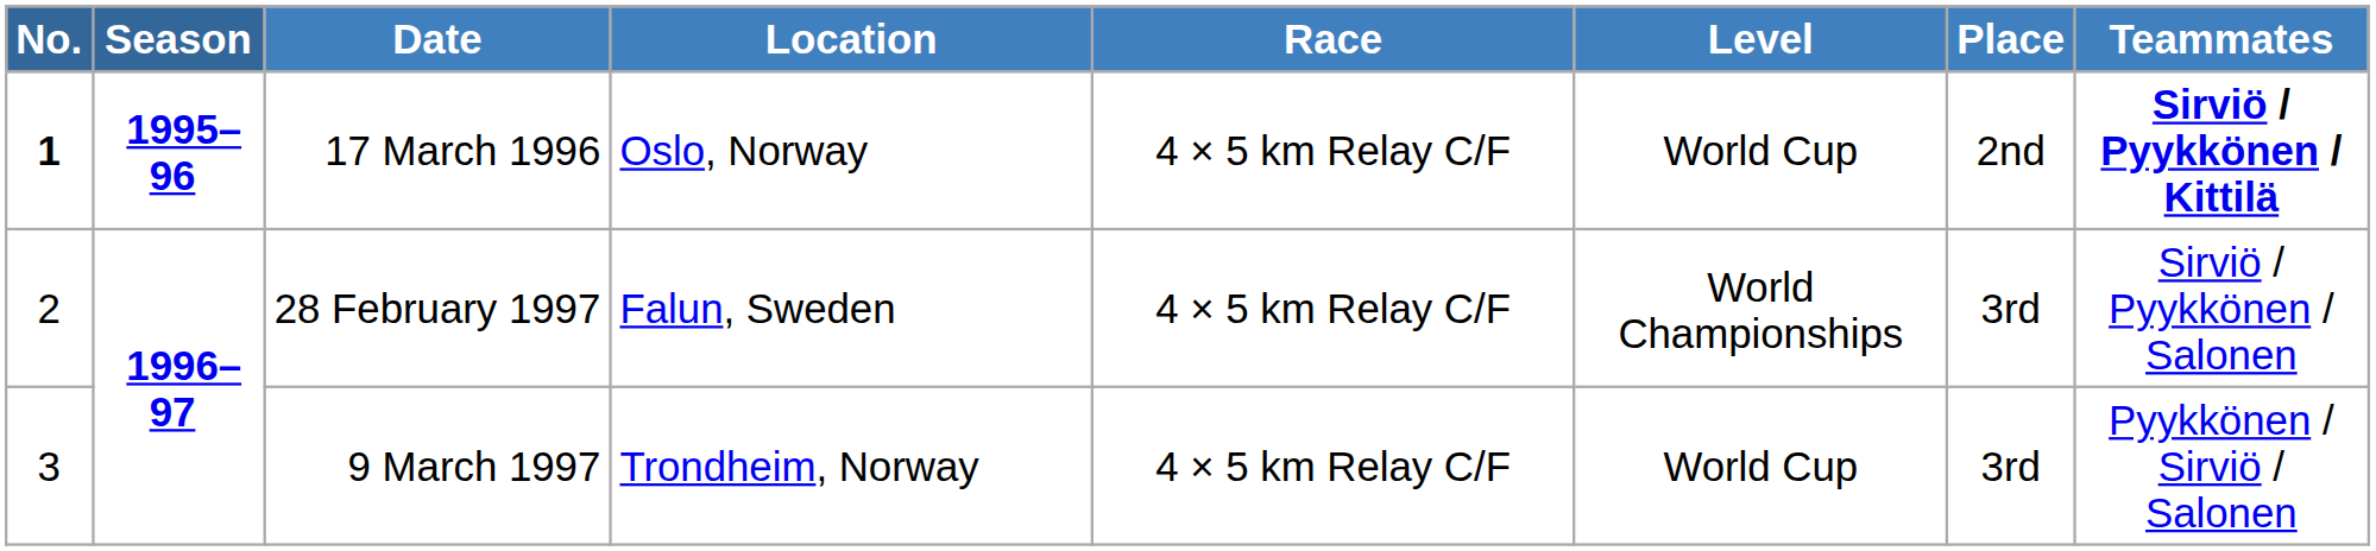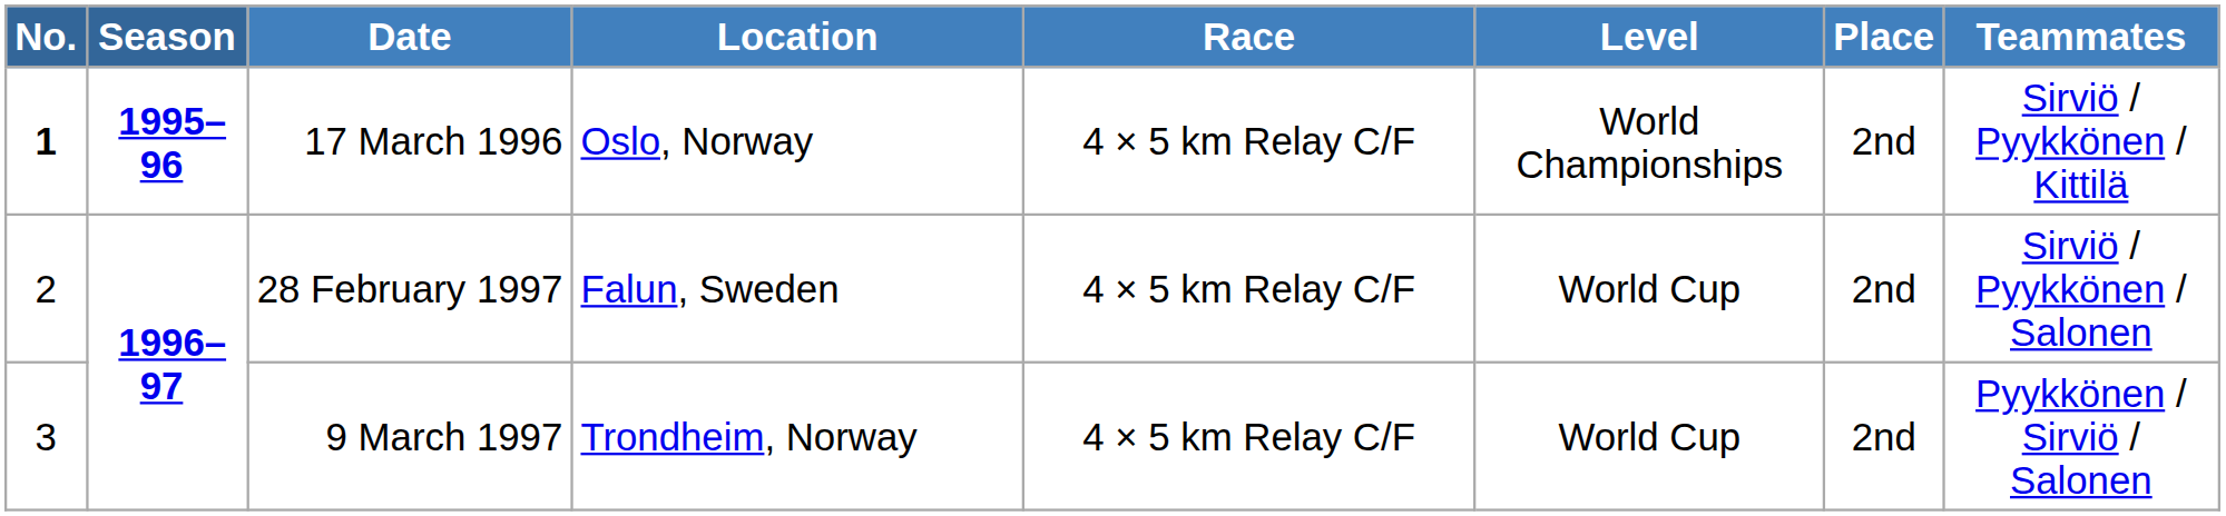 <table class="wikitable sortable" style="font-size:95%; text-align:center; border:grey solid 1px; border-collapse:collapse; background:#ffffff;">
 <tr style="background:#efefef;">
 <th style="background-color:#369; color:white;">No.</th>
 <th style="background-color:#369; color:white;">Season</th>
 <th style="background-color:#4180be; color:white; width:120px;">Date</th>
 <th style="background-color:#4180be; color:white; width:170px;">Location</th>
 <th style="background-color:#4180be; color:white; width:170px;">Race</th>
 <th style="background-color:#4180be; color:white; width:130px;">Level</th>
 <th style="background-color:#4180be; color:white;">Place</th>
 <th style="background-color:#4180be; color:white;">Teammates</th>
 </tr>
 <tr>
 <td align=center><strong>1</strong></td>
 <td rowspan=1 align=center><strong> <a href='#'>1995–96</a> </strong></td>
 <td align=right>17 March 1996</td>
 <td align=left> <a href='#'>Oslo</a>, Norway</td>
 <td>4 × 5 km Relay C/F</td>
-<td>World Cup</td>
+<td>World Championships</td>
 <td>2nd</td>
-<td><strong><a href='#'>Sirviö</a> / <a href='#'>Pyykkönen</a> / <a href='#'>Kittilä</a></strong></td>
+<td><a href='#'>Sirviö</a> / <a href='#'>Pyykkönen</a> / <a href='#'>Kittilä</a></td>
 </tr>
 <tr>
 <td align=center>2</td>
 <td rowspan=2 align=center><strong> <a href='#'>1996–97</a> </strong></td>
 <td align=right>28 February 1997</td>
 <td align=left> <a href='#'>Falun</a>, Sweden</td>
 <td>4 × 5 km Relay C/F</td>
-<td>World Championships</td>
-<td>3rd</td>
+<td>World Cup</td>
+<td>2nd</td>
 <td><a href='#'>Sirviö</a> / <a href='#'>Pyykkönen</a> / <a href='#'>Salonen</a></td>
 </tr>
 <tr>
 <td align=center>3</td>
 <td align=right>9 March 1997</td>
 <td align=left> <a href='#'>Trondheim</a>, Norway</td>
 <td>4 × 5 km Relay C/F</td>
 <td>World Cup</td>
-<td>3rd</td>
+<td>2nd</td>
 <td><a href='#'>Pyykkönen</a> / <a href='#'>Sirviö</a> / <a href='#'>Salonen</a></td>
 </tr>
 </table>
